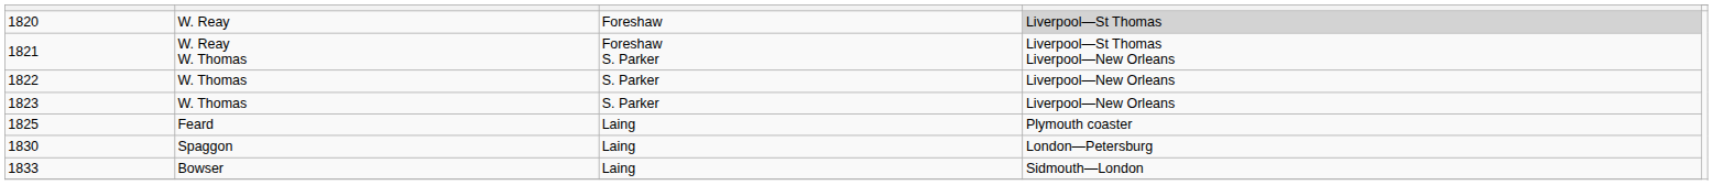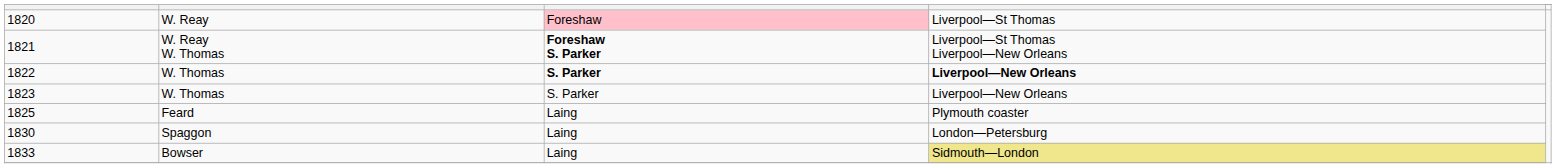 <table class="wikitable" width=100%>
 <tr valign="top">
 <th width=10%; align= center rowspan=2></th>
 <th width=25%; align= center rowspan=2></th>
 <th width=25%; align= center rowspan=2></th>
 <th width=40%; align= center rowspan=2></th>
 </tr>
 <tr>
 <td></td>
 </tr>
 <tr>
 <td>1820</td>
 <td>W. Reay</td>
-<td>Foreshaw</td>
-<td style="background: lightgrey;">Liverpool—St Thomas</td>
+<td style="background: pink;">Foreshaw</td>
+<td>Liverpool—St Thomas</td>
 </tr>
 <tr>
 <td>1821</td>
 <td>W. Reay<br>W. Thomas</td>
-<td>Foreshaw<br>S. Parker</td>
+<td><strong>Foreshaw<br>S. Parker</strong></td>
 <td>Liverpool—St Thomas<br>Liverpool—New Orleans</td>
 </tr>
 <tr>
 <td>1822</td>
 <td>W. Thomas</td>
-<td>S. Parker</td>
-<td>Liverpool—New Orleans</td>
+<td><strong>S. Parker</strong></td>
+<td><strong>Liverpool—New Orleans</strong></td>
 </tr>
 <tr>
 <td>1823</td>
 <td>W. Thomas</td>
 <td>S. Parker</td>
 <td>Liverpool—New Orleans</td>
 </tr>
 <tr>
 <td>1825</td>
 <td>Feard</td>
 <td>Laing</td>
 <td>Plymouth coaster</td>
 </tr>
 <tr>
 <td>1830</td>
 <td>Spaggon</td>
 <td>Laing</td>
 <td>London—Petersburg</td>
 </tr>
 <tr>
 <td>1833</td>
 <td>Bowser</td>
 <td>Laing</td>
-<td>Sidmouth—London</td>
+<td style="background: khaki;">Sidmouth—London</td>
 </tr>
 <tr>
 </tr>
 </table>
